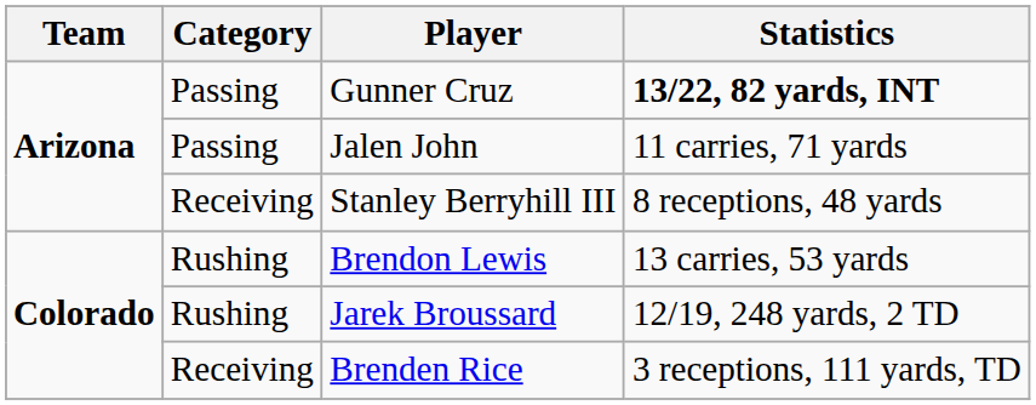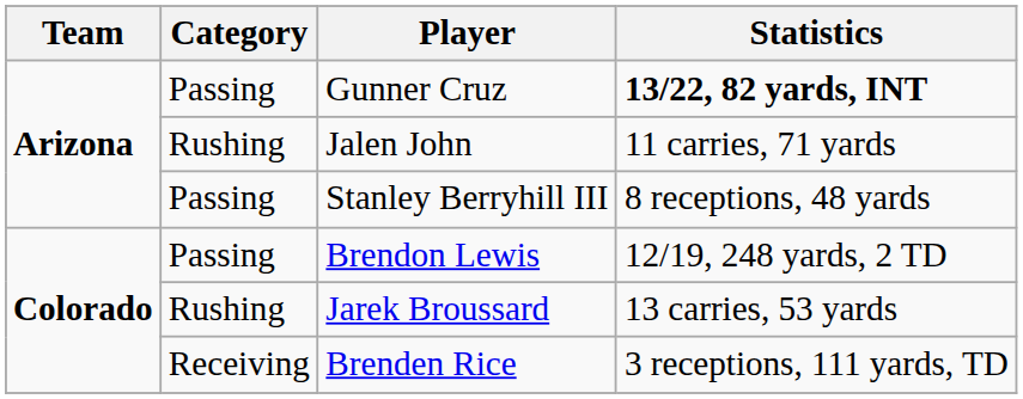 <table class="wikitable" style="float: right;">
 <tr>
 <th>Team</th>
 <th>Category</th>
 <th>Player</th>
 <th>Statistics</th>
 </tr>
 <tr>
 <td rowspan=3><strong>Arizona</strong></td>
 <td>Passing</td>
 <td>Gunner Cruz</td>
 <td><strong>13/22, 82 yards, INT</strong></td>
 </tr>
 <tr>
-<td>Passing</td>
+<td>Rushing</td>
 <td>Jalen John</td>
 <td>11 carries, 71 yards</td>
 </tr>
 <tr>
-<td>Receiving</td>
+<td>Passing</td>
 <td>Stanley Berryhill III</td>
 <td>8 receptions, 48 yards</td>
 </tr>
 <tr>
 <td rowspan=3><strong>Colorado</strong></td>
-<td>Rushing</td>
+<td>Passing</td>
 <td><a href='#'>Brendon Lewis</a></td>
-<td>13 carries, 53 yards</td>
+<td>12/19, 248 yards, 2 TD</td>
 </tr>
 <tr>
 <td>Rushing</td>
 <td><a href='#'>Jarek Broussard</a></td>
-<td>12/19, 248 yards, 2 TD</td>
+<td>13 carries, 53 yards</td>
 </tr>
 <tr>
 <td>Receiving</td>
 <td><a href='#'>Brenden Rice</a></td>
 <td>3 receptions, 111 yards, TD</td>
 </tr>
 </table>
